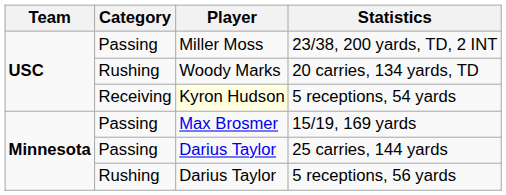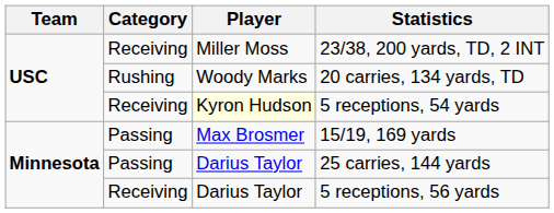 <table class="wikitable" style="float: right;">
 <tr>
 <th>Team</th>
 <th>Category</th>
 <th>Player</th>
 <th>Statistics</th>
 </tr>
 <tr>
 <td rowspan=3><strong>USC</strong></td>
-<td>Passing</td>
+<td>Receiving</td>
 <td>Miller Moss</td>
 <td>23/38, 200 yards, TD, 2 INT</td>
 </tr>
 <tr>
 <td>Rushing</td>
 <td>Woody Marks</td>
 <td>20 carries, 134 yards, TD</td>
 </tr>
 <tr>
 <td>Receiving</td>
 <td style="background: lightyellow;">Kyron Hudson</td>
 <td>5 receptions, 54 yards</td>
 </tr>
 <tr>
 <td rowspan=3><strong>Minnesota</strong></td>
 <td>Passing</td>
 <td><a href='#'>Max Brosmer</a></td>
 <td>15/19, 169 yards</td>
 </tr>
 <tr>
 <td>Passing</td>
 <td><a href='#'>Darius Taylor</a></td>
 <td>25 carries, 144 yards</td>
 </tr>
 <tr>
-<td>Rushing</td>
+<td>Receiving</td>
 <td>Darius Taylor</td>
 <td>5 receptions, 56 yards</td>
 </tr>
 </table>
